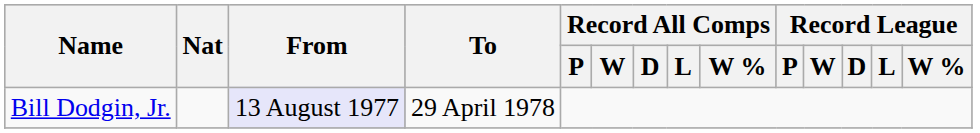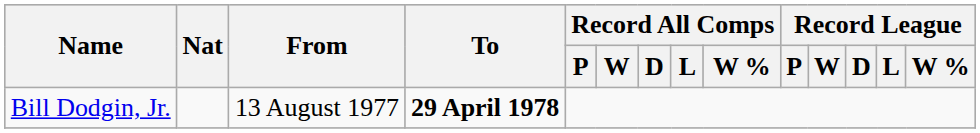 <table style="text-align: center" class="wikitable">
 <tr>
 <th rowspan="2">Name</th>
 <th rowspan="2">Nat</th>
 <th rowspan="2">From</th>
 <th rowspan="2">To</th>
 <th colspan="5">Record All Comps</th>
 <th colspan="5">Record League</th>
 </tr>
 <tr>
 <th>P</th>
 <th>W</th>
 <th>D</th>
 <th>L</th>
 <th>W %</th>
 <th>P</th>
 <th>W</th>
 <th>D</th>
 <th>L</th>
 <th>W %</th>
 </tr>
 <tr>
 <td style="text-align:left;"><a href='#'>Bill Dodgin, Jr.</a></td>
 <td></td>
-<td style="background: lavender; text-align:left;">13 August 1977</td>
-<td style="text-align:left;">29 April 1978<br> </td>
+<td style="text-align:left;">13 August 1977</td>
+<td style="text-align:left;"><strong>29 April 1978<br> </strong></td>
 </tr>
 </table>
